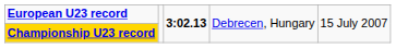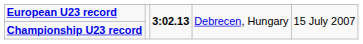 <table class="wikitable">
 <tr>
 <td><strong><a href='#'>European U23 record</a></strong></td>
 <td rowspan=2></td>
 <td rowspan=2><strong>3:02.13</strong></td>
 <td rowspan=2><a href='#'>Debrecen</a>, Hungary</td>
 <td rowspan=2>15 July 2007</td>
 </tr>
 <tr>
-<td style="background: gold;"><strong><a href='#'>Championship U23 record</a></strong></td>
+<td><strong><a href='#'>Championship U23 record</a></strong></td>
 </tr>
 </table>
